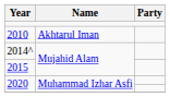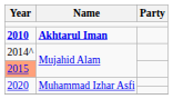 <table class="wikitable sortable">
 <tr>
 <th>Year</th>
 <th>Name</th>
 <th colspan="2">Party</th>
 </tr>
 <tr>
 <td colspan="4"></td>
 </tr>
 <tr>
-<td><a href='#'>2010</a></td>
-<td><a href='#'>Akhtarul Iman</a></td>
+<td><strong><a href='#'>2010</a></strong></td>
+<td><strong><a href='#'>Akhtarul Iman</a></strong></td>
 <td></td>
 </tr>
 <tr>
 <td>2014^</td>
 <td rowspan="2"><a href='#'>Mujahid Alam</a></td>
 <td></td>
 </tr>
 <tr>
-<td><a href='#'>2015</a></td>
+<td style="background: lightsalmon;"><a href='#'>2015</a></td>
 </tr>
 <tr>
 <td rowspan="2"><a href='#'>2020</a></td>
 <td rowspan="2"><a href='#'>Muhammad Izhar Asfi</a></td>
 <td></td>
 </tr>
 <tr>
 <td></td>
 </tr>
 <tr>
 </tr>
 </table>
